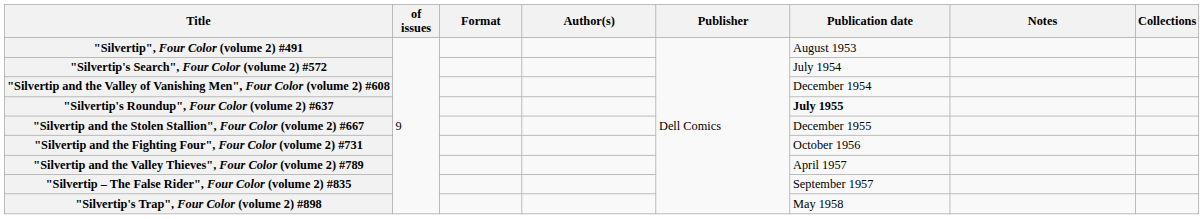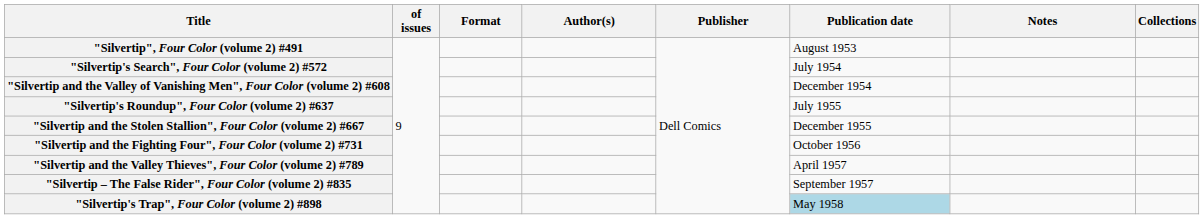 <table class="wikitable">
 <tr>
 <th>Title</th>
 <th style="width:40pt"> of issues</th>
 <th style="width:75pt">Format</th>
 <th style="width:125pt">Author(s)</th>
 <th style="width:125pt">Publisher</th>
 <th style="width:150pt">Publication date</th>
 <th style="width:175pt">Notes</th>
 <th>Collections</th>
 </tr>
 <tr>
 <th>"Silvertip", <em>Four Color</em> (volume 2) #491</th>
 <td rowspan="9">9</td>
 <td></td>
 <td></td>
 <td rowspan="9">Dell Comics</td>
 <td>August 1953</td>
 <td></td>
 <td></td>
 </tr>
 <tr>
 <th>"Silvertip's Search", <em>Four Color</em> (volume 2) #572</th>
 <td></td>
 <td></td>
 <td>July 1954</td>
 <td></td>
 <td></td>
 </tr>
 <tr>
 <th>"Silvertip and the Valley of Vanishing Men", <em>Four Color</em> (volume 2) #608</th>
 <td></td>
 <td></td>
 <td>December 1954</td>
 <td></td>
 <td></td>
 </tr>
 <tr>
 <th>"Silvertip's Roundup", <em>Four Color</em> (volume 2) #637</th>
 <td></td>
 <td></td>
-<td><strong>July 1955</strong></td>
+<td>July 1955</td>
 <td></td>
 <td></td>
 </tr>
 <tr>
 <th>"Silvertip and the Stolen Stallion", <em>Four Color</em> (volume 2) #667</th>
 <td></td>
 <td></td>
 <td>December 1955</td>
 <td></td>
 <td></td>
 </tr>
 <tr>
 <th>"Silvertip and the Fighting Four", <em>Four Color</em> (volume 2) #731</th>
 <td></td>
 <td></td>
 <td>October 1956</td>
 <td></td>
 <td></td>
 </tr>
 <tr>
 <th>"Silvertip and the Valley Thieves", <em>Four Color</em> (volume 2) #789</th>
 <td></td>
 <td></td>
 <td>April 1957</td>
 <td></td>
 <td></td>
 </tr>
 <tr>
 <th>"Silvertip – The False Rider", <em>Four Color</em> (volume 2) #835</th>
 <td></td>
 <td></td>
 <td>September 1957</td>
 <td></td>
 <td></td>
 </tr>
 <tr>
 <th>"Silvertip's Trap", <em>Four Color</em> (volume 2) #898</th>
 <td></td>
 <td></td>
-<td>May 1958</td>
+<td style="background: lightblue;">May 1958</td>
 <td></td>
 <td></td>
 </tr>
 </table>
